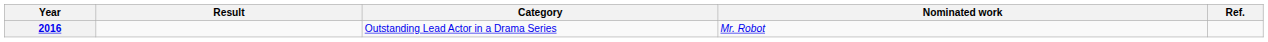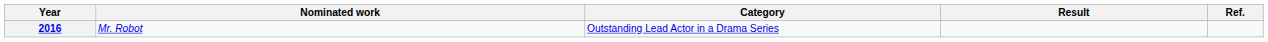 <table class="wikitable">
 <tr>
 <th width=2%>Year</th>
+<th width=11%>Nominated work</th>
+<th width=8%>Category</th>
 <th width=6%>Result</th>
-<th width=8%>Category</th>
-<th width=11%>Nominated work</th>
 <th width=1%>Ref.</th>
 </tr>
 <tr>
 <th scope=row><a href='#'>2016</a></th>
+<td><em><a href='#'>Mr. Robot</a></em></td>
+<td><a href='#'>Outstanding Lead Actor in a Drama Series</a></td>
 <td></td>
-<td><a href='#'>Outstanding Lead Actor in a Drama Series</a></td>
-<td><em><a href='#'>Mr. Robot</a></em></td>
 <td style="text-align:center;"></td>
 </tr>
 </table>
